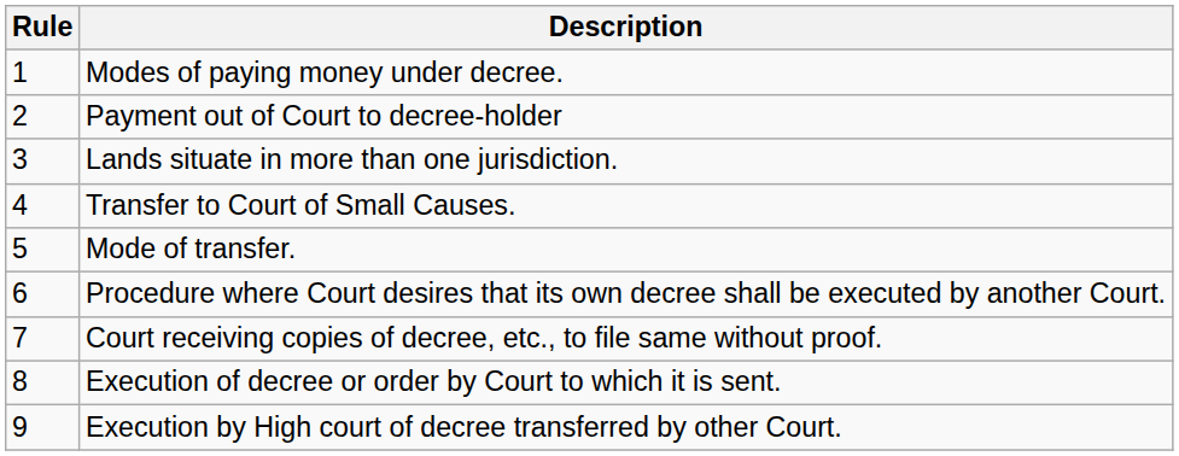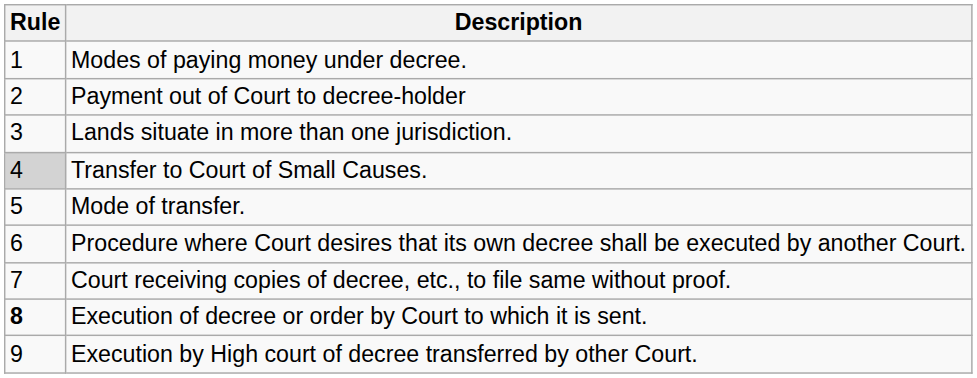 <table class="wikitable">
 <tr>
 <th>Rule</th>
 <th>Description</th>
 </tr>
 <tr>
 <td>1</td>
 <td>Modes of paying money under decree.</td>
 </tr>
 <tr>
 <td>2</td>
 <td>Payment out of Court to decree-holder</td>
 </tr>
 <tr>
 <td>3</td>
 <td>Lands situate in more than one jurisdiction.</td>
 </tr>
 <tr>
-<td>4</td>
+<td style="background: lightgrey;">4</td>
 <td>Transfer to Court of Small Causes.</td>
 </tr>
 <tr>
 <td>5</td>
 <td>Mode of transfer.</td>
 </tr>
 <tr>
 <td>6</td>
 <td>Procedure where Court desires that its own decree shall be executed by another Court.</td>
 </tr>
 <tr>
 <td>7</td>
 <td>Court receiving copies of decree, etc., to file same without proof.</td>
 </tr>
 <tr>
-<td>8</td>
+<td><strong>8</strong></td>
 <td>Execution of decree or order by Court to which it is sent.</td>
 </tr>
 <tr>
 <td>9</td>
 <td>Execution by High court of decree transferred by other Court.</td>
 </tr>
 </table>
